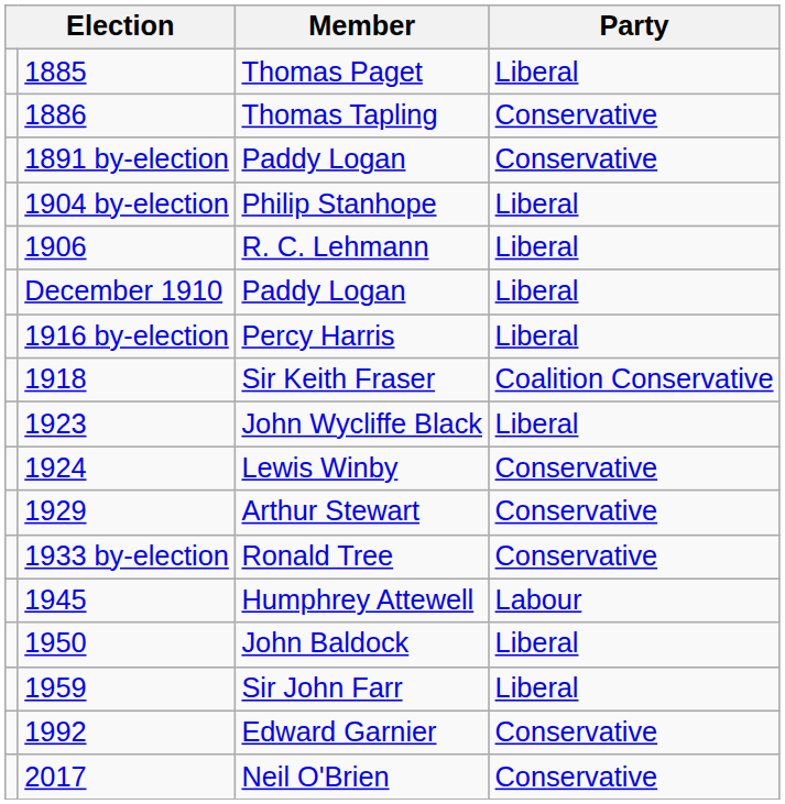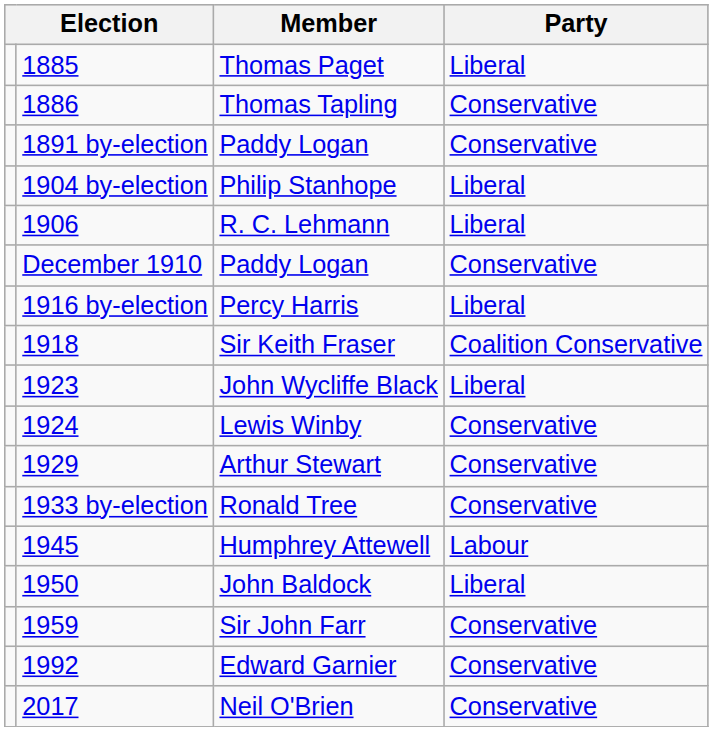 <table class="wikitable">
 <tr>
 <th colspan="2">Election</th>
 <th>Member</th>
 <th>Party</th>
 </tr>
 <tr>
 <td style="color:inherit;background-color: "></td>
 <td><a href='#'>1885</a></td>
 <td><a href='#'>Thomas Paget</a></td>
 <td><a href='#'>Liberal</a></td>
 </tr>
 <tr>
 <td style="color:inherit;background-color: "></td>
 <td><a href='#'>1886</a></td>
 <td><a href='#'>Thomas Tapling</a></td>
 <td><a href='#'>Conservative</a></td>
 </tr>
 <tr>
 <td style="color:inherit;background-color: "></td>
 <td><a href='#'>1891 by-election</a></td>
 <td><a href='#'>Paddy Logan</a></td>
 <td><a href='#'>Conservative</a></td>
 </tr>
 <tr>
 <td style="color:inherit;background-color: "></td>
 <td><a href='#'>1904 by-election</a></td>
 <td><a href='#'>Philip Stanhope</a></td>
 <td><a href='#'>Liberal</a></td>
 </tr>
 <tr>
 <td style="color:inherit;background-color: "></td>
 <td><a href='#'>1906</a></td>
 <td><a href='#'>R. C. Lehmann</a></td>
 <td><a href='#'>Liberal</a></td>
 </tr>
 <tr>
 <td style="color:inherit;background-color: "></td>
 <td><a href='#'>December 1910</a></td>
 <td><a href='#'>Paddy Logan</a></td>
-<td><a href='#'>Liberal</a></td>
+<td><a href='#'>Conservative</a></td>
 </tr>
 <tr>
 <td style="color:inherit;background-color: "></td>
 <td><a href='#'>1916 by-election</a></td>
 <td><a href='#'>Percy Harris</a></td>
 <td><a href='#'>Liberal</a></td>
 </tr>
 <tr>
 <td style="color:inherit;background-color: "></td>
 <td><a href='#'>1918</a></td>
 <td><a href='#'>Sir Keith Fraser</a></td>
 <td><a href='#'>Coalition Conservative</a></td>
 </tr>
 <tr>
 <td style="color:inherit;background-color: "></td>
 <td><a href='#'>1923</a></td>
 <td><a href='#'>John Wycliffe Black</a></td>
 <td><a href='#'>Liberal</a></td>
 </tr>
 <tr>
 <td style="color:inherit;background-color: "></td>
 <td><a href='#'>1924</a></td>
 <td><a href='#'>Lewis Winby</a></td>
 <td><a href='#'>Conservative</a></td>
 </tr>
 <tr>
 <td style="color:inherit;background-color: "></td>
 <td><a href='#'>1929</a></td>
 <td><a href='#'>Arthur Stewart</a></td>
 <td><a href='#'>Conservative</a></td>
 </tr>
 <tr>
 <td style="color:inherit;background-color: "></td>
 <td><a href='#'>1933 by-election</a></td>
 <td><a href='#'>Ronald Tree</a></td>
 <td><a href='#'>Conservative</a></td>
 </tr>
 <tr>
 <td style="color:inherit;background-color: "></td>
 <td><a href='#'>1945</a></td>
 <td><a href='#'>Humphrey Attewell</a></td>
 <td><a href='#'>Labour</a></td>
 </tr>
 <tr>
 <td style="color:inherit;background-color: "></td>
 <td><a href='#'>1950</a></td>
 <td><a href='#'>John Baldock</a></td>
 <td><a href='#'>Liberal</a></td>
 </tr>
 <tr>
 <td style="color:inherit;background-color: "></td>
 <td><a href='#'>1959</a></td>
 <td><a href='#'>Sir John Farr</a></td>
-<td><a href='#'>Liberal</a></td>
+<td><a href='#'>Conservative</a></td>
 </tr>
 <tr>
 <td style="color:inherit;background-color: "></td>
 <td><a href='#'>1992</a></td>
 <td><a href='#'>Edward Garnier</a></td>
 <td><a href='#'>Conservative</a></td>
 </tr>
 <tr>
 <td style="color:inherit;background-color: "></td>
 <td><a href='#'>2017</a></td>
 <td><a href='#'>Neil O'Brien</a></td>
 <td><a href='#'>Conservative</a></td>
 </tr>
 </table>
